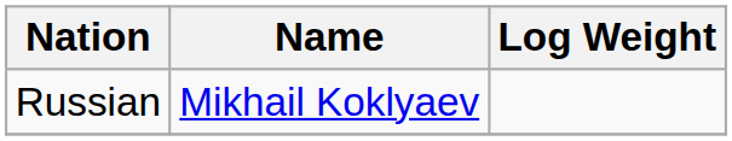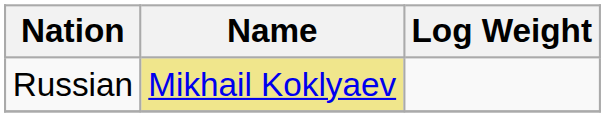 <table class="wikitable" style="display: inline-table">
 <tr>
 <th>Nation</th>
 <th>Name</th>
 <th>Log Weight</th>
 </tr>
 <tr>
 <td> Russian</td>
-<td><a href='#'>Mikhail Koklyaev</a></td>
+<td style="background: khaki;"><a href='#'>Mikhail Koklyaev</a></td>
 <td></td>
 </tr>
 <tr>
 </tr>
 </table>
